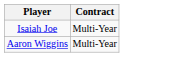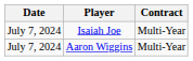 <table class="wikitable" style="text-align: center">
 <tr>
+<th>Date</th>
 <th>Player</th>
 <th>Contract</th>
 </tr>
 <tr style="text-align: center">
+<td>July 7, 2024</td>
 <td><a href='#'>Isaiah Joe</a></td>
 <td>Multi-Year</td>
 </tr>
 <tr style="text-align: center">
+<td>July 7, 2024</td>
 <td><a href='#'>Aaron Wiggins</a></td>
 <td>Multi-Year</td>
 </tr>
 </table>
